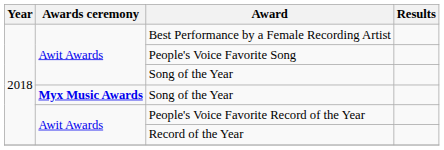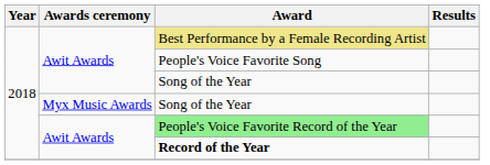 <table class="wikitable">
 <tr>
 <th>Year</th>
 <th>Awards ceremony</th>
 <th>Award</th>
 <th>Results</th>
 </tr>
 <tr>
 <td rowspan="6">2018</td>
 <td rowspan="3"><a href='#'>Awit Awards</a></td>
-<td>Best Performance by a Female Recording Artist</td>
+<td style="background: khaki;">Best Performance by a Female Recording Artist</td>
 <td></td>
 </tr>
 <tr>
 <td>People's Voice Favorite Song</td>
 <td></td>
 </tr>
 <tr>
 <td>Song of the Year</td>
 <td></td>
 </tr>
 <tr>
-<td><strong><a href='#'>Myx Music Awards</a></strong></td>
+<td><a href='#'>Myx Music Awards</a></td>
 <td>Song of the Year</td>
 <td></td>
 </tr>
 <tr>
 <td rowspan="2"><a href='#'>Awit Awards</a></td>
-<td>People's Voice Favorite Record of the Year</td>
+<td style="background: lightgreen;">People's Voice Favorite Record of the Year</td>
 <td></td>
 </tr>
 <tr>
-<td>Record of the Year</td>
+<td><strong>Record of the Year</strong></td>
 <td></td>
 </tr>
 <tr>
 </tr>
 </table>
